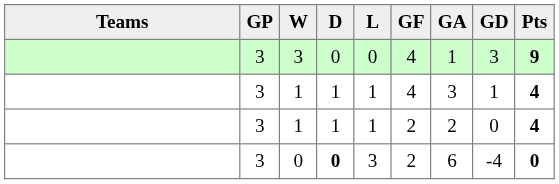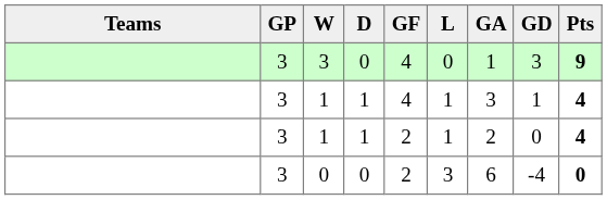 <table style=border-collapse:collapse border=1 cellspacing=0 cellpadding=5>
 <tr align=center bgcolor=#efefef>
 <th width=185>Teams</th>
 <th width=20>GP</th>
 <th width=20>W</th>
 <th width=20>D</th>
+<th width=20>GF</th>
 <th width=20>L</th>
-<th width=20>GF</th>
 <th width=20>GA</th>
 <th width=20>GD</th>
 <th width=20>Pts</th>
 </tr>
 <tr align=center style="background:#ccffcc;">
 <td style="text-align:left;"></td>
 <td>3</td>
 <td>3</td>
 <td>0</td>
+<td>4</td>
 <td>0</td>
-<td>4</td>
 <td>1</td>
 <td>3</td>
 <td><strong>9</strong></td>
 </tr>
 <tr align=center>
 <td style="text-align:left;"></td>
 <td>3</td>
 <td>1</td>
 <td>1</td>
+<td>4</td>
 <td>1</td>
-<td>4</td>
 <td>3</td>
 <td>1</td>
 <td><strong>4</strong></td>
 </tr>
 <tr align=center>
 <td style="text-align:left;"></td>
 <td>3</td>
 <td>1</td>
 <td>1</td>
+<td>2</td>
 <td>1</td>
-<td>2</td>
 <td>2</td>
 <td>0</td>
 <td><strong>4</strong></td>
 </tr>
 <tr align=center>
 <td style="text-align:left;"></td>
 <td>3</td>
 <td>0</td>
-<td><strong>0</strong></td>
+<td>0</td>
+<td>2</td>
 <td>3</td>
-<td>2</td>
 <td>6</td>
 <td>-4</td>
 <td><strong>0</strong></td>
 </tr>
 </table>
